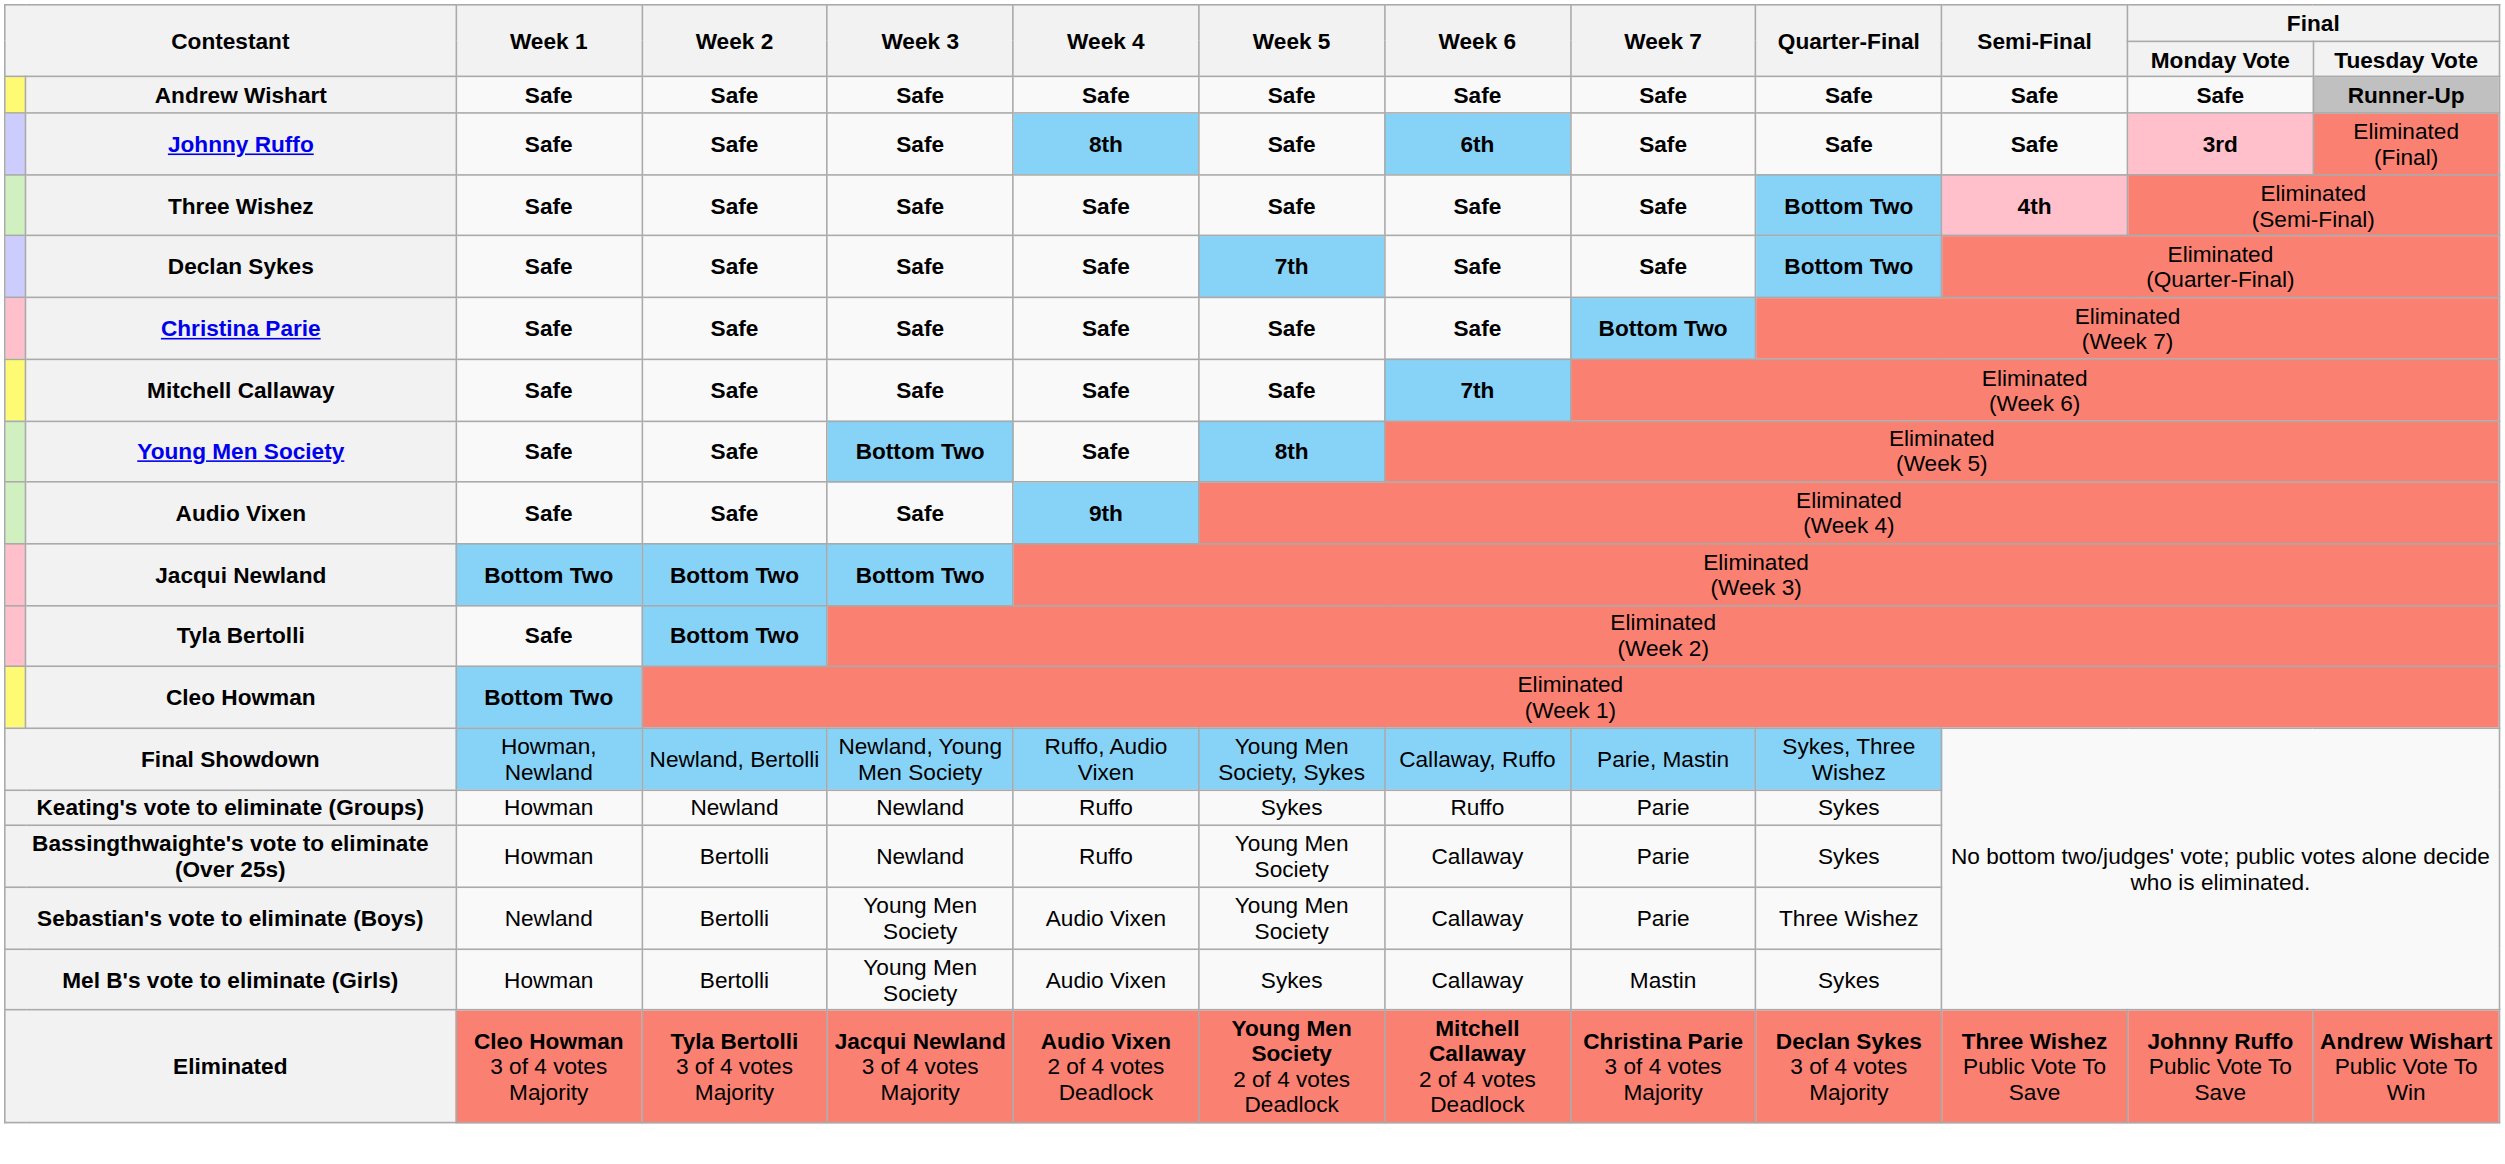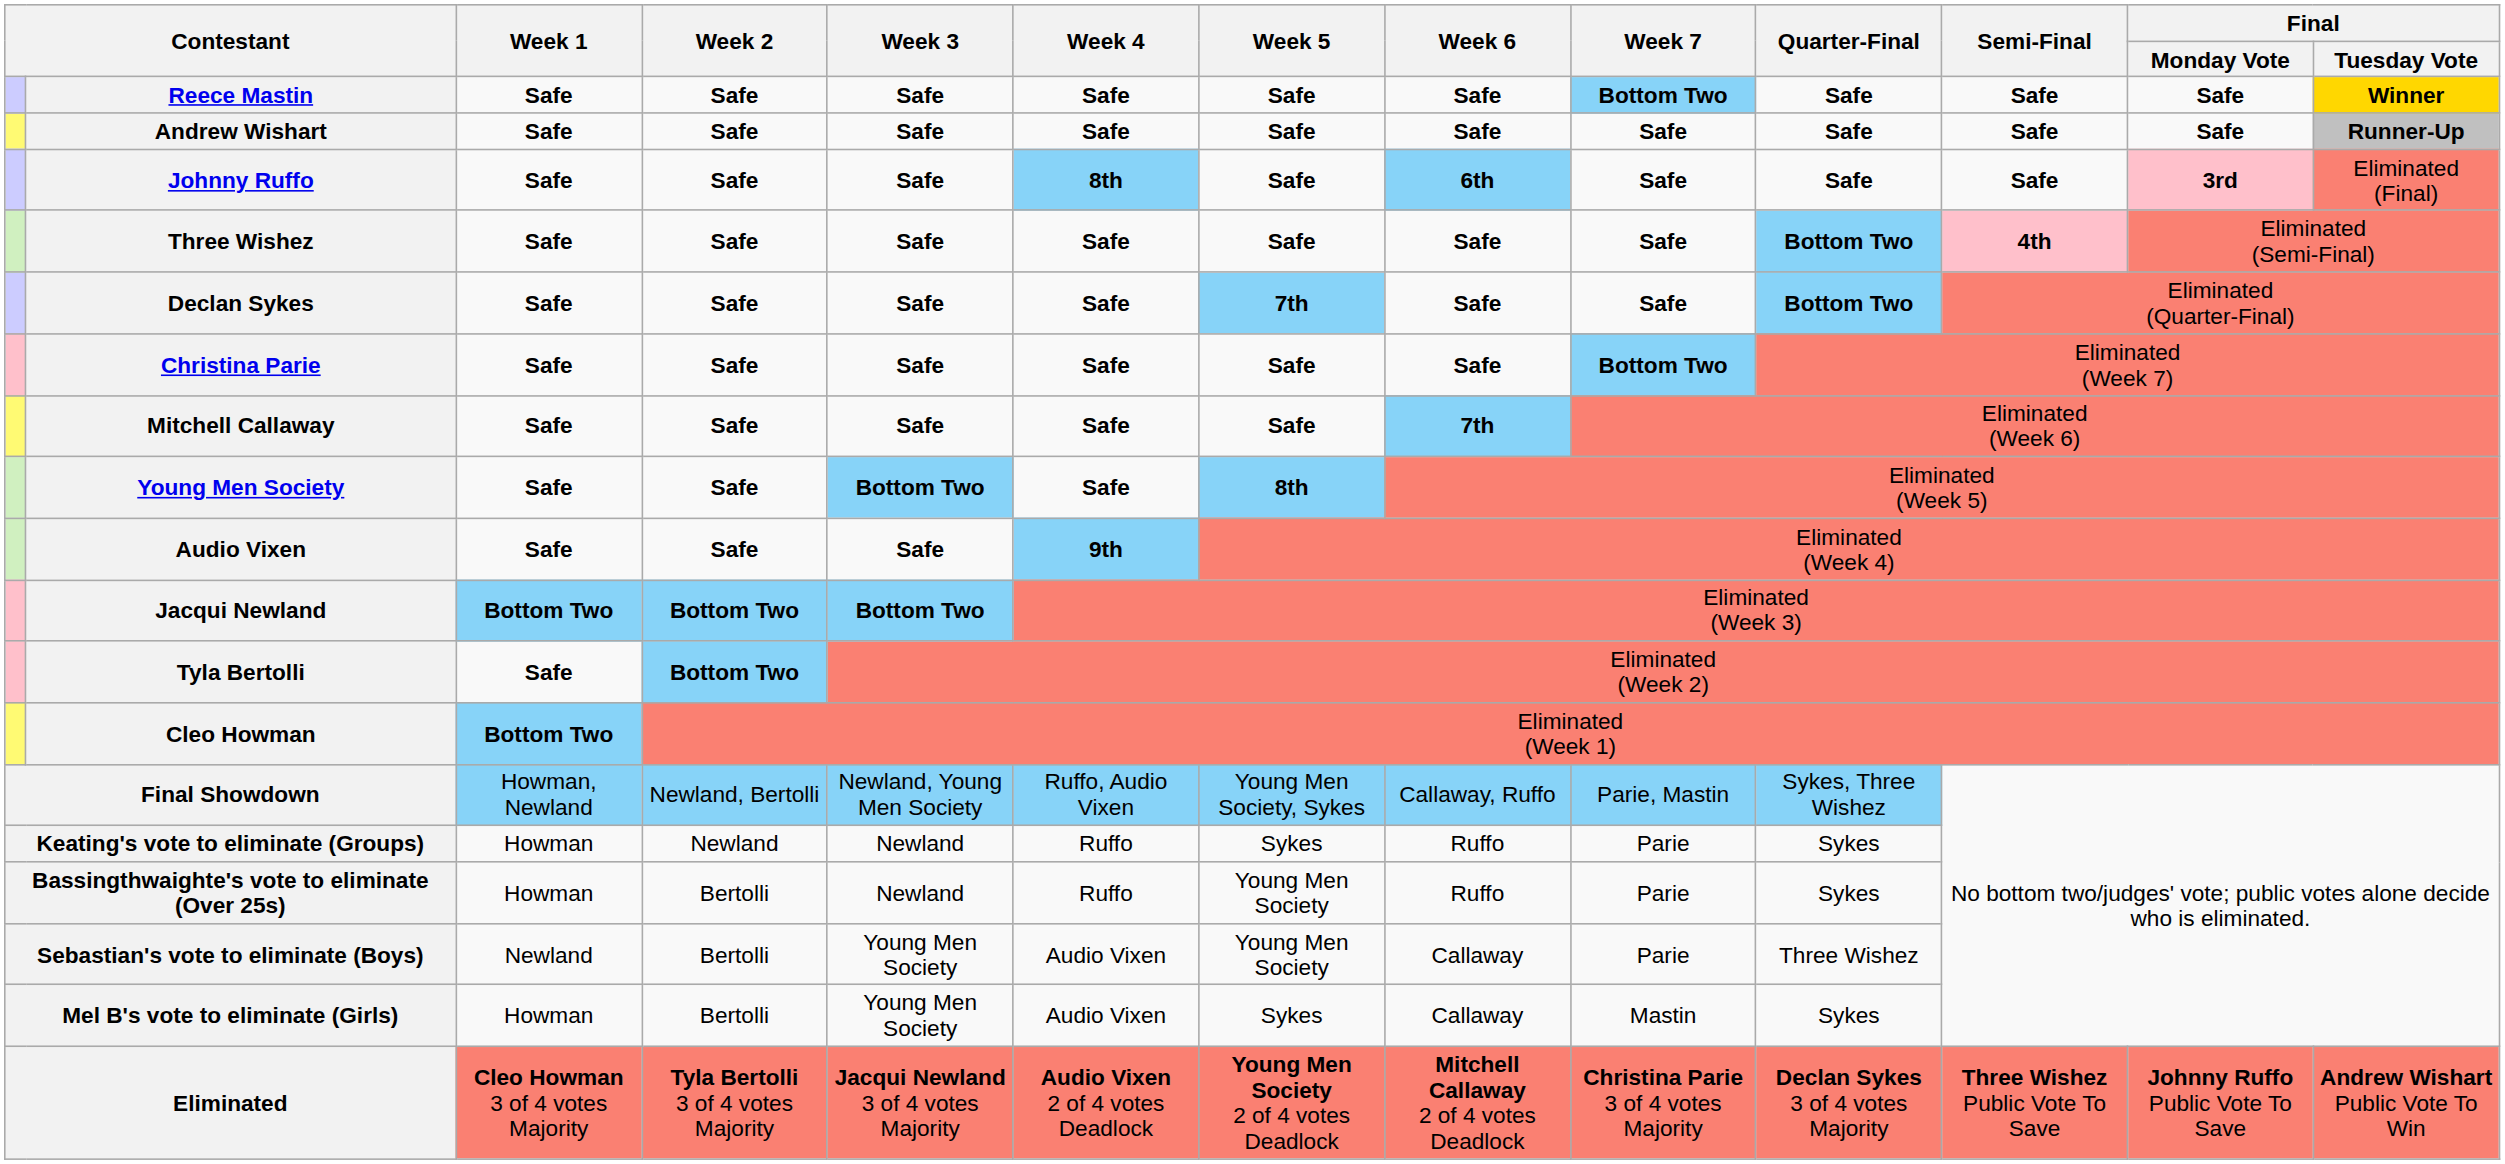 <table class="wikitable" style="text-align:center; font-size:89%">
 <tr>
 <th style="width:17%" rowspan="2" scope="col" colspan=2>Contestant</th>
 <th style="width:7%" rowspan="2" scope="col">Week 1</th>
 <th style="width:7%" rowspan="2" scope="col">Week 2</th>
 <th style="width:7%" rowspan="2" scope="col">Week 3</th>
 <th style="width:7%" rowspan="2" scope="col">Week 4</th>
 <th style="width:7%" rowspan="2" scope="col">Week 5</th>
 <th style="width:7%" rowspan="2" scope="col">Week 6</th>
 <th style="width:7%" rowspan="2" scope="col">Week 7</th>
 <th style="width:7%" rowspan="2" scope="col">Quarter-Final</th>
 <th style="width:7%" rowspan="2" scope="col">Semi-Final</th>
 <th colspan="2">Final</th>
 </tr>
 <tr>
 <th style="width:7%">Monday Vote</th>
 <th style="width:7%">Tuesday Vote</th>
+</tr>
+<tr>
+<th style="background:#ccf"></th>
+<th scope="col"><strong><a href='#'>Reece Mastin</a></strong></th>
+<td><strong>Safe</strong></td>
+<td><strong>Safe</strong></td>
+<td><strong>Safe</strong></td>
+<td><strong>Safe</strong></td>
+<td><strong>Safe</strong></td>
+<td><strong>Safe</strong></td>
+<td style="background:#87d3f8;"><strong>Bottom Two</strong></td>
+<td><strong>Safe</strong></td>
+<td><strong>Safe</strong></td>
+<td><strong>Safe</strong></td>
+<td style="background:gold"><strong>Winner</strong></td>
 </tr>
 <tr>
 <th style="background:#fffa73"></th>
 <th scope="col"><strong>Andrew Wishart</strong></th>
 <td><strong>Safe</strong></td>
 <td><strong>Safe</strong></td>
 <td><strong>Safe</strong></td>
 <td><strong>Safe</strong></td>
 <td><strong>Safe</strong></td>
 <td><strong>Safe</strong></td>
 <td><strong>Safe</strong></td>
 <td><strong>Safe</strong></td>
 <td><strong>Safe</strong></td>
 <td><strong>Safe</strong></td>
 <td style="background:#C0C0C0"><strong>Runner-Up</strong></td>
 </tr>
 <tr>
 <th style="background:#ccf"></th>
 <th scope="col"><strong><a href='#'>Johnny Ruffo</a></strong></th>
 <td><strong>Safe</strong></td>
 <td><strong>Safe</strong></td>
 <td><strong>Safe</strong></td>
 <td style="background:#87d3f8;"><strong>8th</strong></td>
 <td><strong>Safe</strong></td>
 <td style="background:#87d3f8;"><strong>6th</strong></td>
 <td><strong>Safe</strong></td>
 <td><strong>Safe</strong></td>
 <td><strong>Safe</strong></td>
 <td style="background:Pink"><strong>3rd</strong></td>
 <td style="background:salmon;">Eliminated<br>(Final)</td>
 </tr>
 <tr>
 <th style="background:#d0f0c0"></th>
 <th scope="col"><strong>Three Wishez</strong></th>
 <td><strong>Safe</strong></td>
 <td><strong>Safe</strong></td>
 <td><strong>Safe</strong></td>
 <td><strong>Safe</strong></td>
 <td><strong>Safe</strong></td>
 <td><strong>Safe</strong></td>
 <td><strong>Safe</strong></td>
 <td style="background:#87d3f8;"><strong>Bottom Two</strong></td>
 <td style="background:pink;"><strong>4th</strong></td>
 <td style="background:salmon;" colspan="2">Eliminated<br>(Semi-Final)</td>
 </tr>
 <tr>
 <th style="background:#ccf"></th>
 <th scope="col"><strong>Declan Sykes</strong></th>
 <td><strong>Safe</strong></td>
 <td><strong>Safe</strong></td>
 <td><strong>Safe</strong></td>
 <td><strong>Safe</strong></td>
 <td style="background:#87d3f8;"><strong>7th</strong></td>
 <td><strong>Safe</strong></td>
 <td><strong>Safe</strong></td>
 <td style="background:#87d3f8;"><strong>Bottom Two</strong></td>
 <td style="background:salmon;" colspan="3">Eliminated<br>(Quarter-Final)</td>
 </tr>
 <tr>
 <th style="background:pink"></th>
 <th scope="col"><strong><a href='#'>Christina Parie</a></strong></th>
 <td><strong>Safe</strong></td>
 <td><strong>Safe</strong></td>
 <td><strong>Safe</strong></td>
 <td><strong>Safe</strong></td>
 <td><strong>Safe</strong></td>
 <td><strong>Safe</strong></td>
 <td style="background:#87d3f8;"><strong>Bottom Two</strong></td>
 <td style="background:salmon;" colspan="4">Eliminated<br>(Week 7)</td>
 </tr>
 <tr>
 <th style="background:#fffa73"></th>
 <th scope="col"><strong>Mitchell Callaway</strong></th>
 <td><strong>Safe</strong></td>
 <td><strong>Safe</strong></td>
 <td><strong>Safe</strong></td>
 <td><strong>Safe</strong></td>
 <td><strong>Safe</strong></td>
 <td style="background:#87d3f8;"><strong>7th</strong></td>
 <td style="background:salmon;" colspan="5">Eliminated<br>(Week 6)</td>
 </tr>
 <tr>
 <th style="background:#d0f0c0"></th>
 <th scope="col"><strong><a href='#'>Young Men Society</a></strong></th>
 <td><strong>Safe</strong></td>
 <td><strong>Safe</strong></td>
 <td style="background:#87d3f8;"><strong>Bottom Two</strong></td>
 <td><strong>Safe</strong></td>
 <td style="background:#87d3f8;"><strong>8th</strong></td>
 <td style="background:salmon;" colspan="6">Eliminated<br>(Week 5)</td>
 </tr>
 <tr>
 <th style="background:#d0f0c0"></th>
 <th scope="col"><strong>Audio Vixen</strong></th>
 <td><strong>Safe</strong></td>
 <td><strong>Safe</strong></td>
 <td><strong>Safe</strong></td>
 <td style="background:#87d3f8;"><strong>9th</strong></td>
 <td style="background:salmon;" colspan="7">Eliminated<br>(Week 4)</td>
 </tr>
 <tr>
 <th style="background:pink"></th>
 <th scope="col"><strong>Jacqui Newland</strong></th>
 <td style="background:#87d3f8;"><strong>Bottom Two</strong></td>
 <td style="background:#87d3f8;"><strong>Bottom Two</strong></td>
 <td style="background:#87d3f8;"><strong>Bottom Two</strong></td>
 <td style="background:salmon;" colspan="8">Eliminated<br>(Week 3)</td>
 </tr>
 <tr>
 <th style="background:pink"></th>
 <th scope="col"><strong>Tyla Bertolli</strong></th>
 <td><strong>Safe</strong></td>
 <td style="background:#87d3f8;"><strong>Bottom Two</strong></td>
 <td style="background:salmon;" colspan="9">Eliminated<br>(Week 2)</td>
 </tr>
 <tr>
 <th style="background:#fffa73"></th>
 <th scope="col"><strong>Cleo Howman</strong></th>
 <td style="background:#87d3f8;"><strong>Bottom Two</strong></td>
 <td style="background:salmon;" colspan="10">Eliminated<br>(Week 1)</td>
 </tr>
 <tr>
 <th rowspan="1" scope="col" colspan=2><strong>Final Showdown</strong></th>
 <td style="background:#87D3F8">Howman, Newland</td>
 <td style="background:#87D3F8">Newland, Bertolli</td>
 <td style="background:#87D3F8">Newland, Young Men Society</td>
 <td style="background:#87D3F8">Ruffo, Audio Vixen</td>
 <td style="background:#87D3F8">Young Men Society, Sykes</td>
 <td style="background:#87D3F8">Callaway, Ruffo</td>
 <td style="background:#87D3F8">Parie, Mastin</td>
 <td style="background:#87D3F8">Sykes, Three Wishez</td>
 <td rowspan=5 colspan=3>No bottom two/judges' vote; public votes alone decide who is eliminated.</td>
 </tr>
 <tr>
 <th scope="col" colspan=2><strong>Keating's vote to eliminate (Groups)</strong></th>
 <td>Howman</td>
 <td>Newland</td>
 <td>Newland</td>
 <td>Ruffo</td>
 <td>Sykes</td>
 <td>Ruffo</td>
 <td>Parie</td>
 <td>Sykes</td>
 </tr>
 <tr>
 <th scope="col" colspan=2><strong>Bassingthwaighte's vote to eliminate (Over 25s)</strong></th>
 <td>Howman</td>
 <td>Bertolli</td>
 <td>Newland</td>
 <td>Ruffo</td>
 <td>Young Men Society</td>
-<td>Callaway</td>
+<td>Ruffo</td>
 <td>Parie</td>
 <td>Sykes</td>
 </tr>
 <tr>
 <th scope="col" colspan=2><strong>Sebastian's vote to eliminate (Boys)</strong></th>
 <td>Newland</td>
 <td>Bertolli</td>
 <td>Young Men Society</td>
 <td>Audio Vixen</td>
 <td>Young Men Society</td>
 <td>Callaway</td>
 <td>Parie</td>
 <td>Three Wishez</td>
 </tr>
 <tr>
 <th scope="col" colspan=2><strong>Mel B's vote to eliminate (Girls)</strong></th>
 <td>Howman</td>
 <td>Bertolli</td>
 <td>Young Men Society</td>
 <td>Audio Vixen</td>
 <td>Sykes</td>
 <td>Callaway</td>
 <td>Mastin</td>
 <td>Sykes</td>
 </tr>
 <tr>
 <th rowspan= 4 scope="col" colspan=2><strong>Eliminated</strong></th>
 <td style="background:salmon;" rowspan="4"><strong>Cleo Howman</strong><br>3 of 4 votes<br>Majority</td>
 <td style="background:salmon;" rowspan="4"><strong>Tyla Bertolli</strong><br>3 of 4 votes<br>Majority</td>
 <td style="background:salmon;" rowspan="4"><strong>Jacqui Newland</strong><br>3 of 4 votes<br>Majority</td>
 <td style="background:salmon;" rowspan="4"><strong>Audio Vixen</strong><br>2 of 4 votes<br>Deadlock</td>
 <td style="background:salmon;" rowspan="4"><strong>Young Men Society</strong><br>2 of 4 votes<br>Deadlock</td>
 <td style="background:salmon;" rowspan="4"><strong>Mitchell Callaway</strong><br>2 of 4 votes<br>Deadlock</td>
 <td style="background:salmon;" rowspan="4"><strong>Christina Parie</strong><br>3 of 4 votes<br>Majority</td>
 <td style="background:salmon;" rowspan="4"><strong>Declan Sykes</strong><br>3 of 4 votes<br>Majority</td>
 <td style="background:salmon;" rowspan="4"><strong>Three Wishez</strong><br>Public Vote To Save</td>
 <td style="background:salmon" rowspan="4"><strong>Johnny Ruffo</strong><br>Public Vote To Save</td>
 <td style="background:salmon" rowspan=4><strong>Andrew Wishart</strong><br>Public Vote To Win</td>
 </tr>
 </table>
